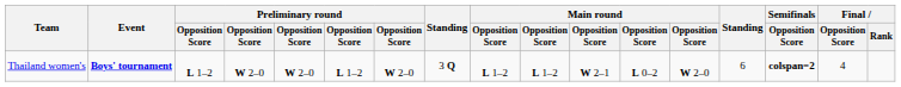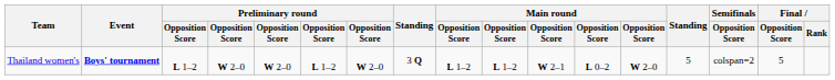 <table class=wikitable style=font-size:90%;text-align:center>
 <tr>
 <th rowspan=2>Team</th>
 <th rowspan=2>Event</th>
 <th colspan=5>Preliminary round</th>
 <th rowspan=2>Standing</th>
 <th colspan=5>Main round</th>
 <th rowspan=2>Standing</th>
 <th>Semifinals</th>
 <th colspan=2>Final / </th>
 </tr>
 <tr style="font-size:90%">
 <th>Opposition<br>Score</th>
 <th>Opposition<br>Score</th>
 <th>Opposition<br>Score</th>
 <th>Opposition<br>Score</th>
 <th>Opposition<br>Score</th>
 <th>Opposition<br>Score</th>
 <th>Opposition<br>Score</th>
 <th>Opposition<br>Score</th>
 <th>Opposition<br>Score</th>
 <th>Opposition<br>Score</th>
 <th>Opposition<br>Score</th>
 <th>Opposition<br>Score</th>
 <th>Rank</th>
 </tr>
 <tr align=center>
 <td align=left><a href='#'>Thailand women's</a></td>
 <td align=left><strong><a href='#'>Boys' tournament</a></strong></td>
 <td> <br> <strong>L</strong> 1–2</td>
 <td> <br> <strong>W</strong> 2–0</td>
 <td> <br> <strong>W</strong> 2–0</td>
 <td> <br> <strong>L</strong> 1–2</td>
 <td> <br> <strong>W</strong> 2–0</td>
 <td>3 <strong>Q</strong></td>
 <td> <br> <strong>L</strong> 1–2</td>
 <td> <br> <strong>L</strong> 1–2</td>
 <td> <br> <strong>W</strong> 2–1</td>
 <td> <br> <strong>L</strong> 0–2</td>
 <td> <br> <strong>W</strong> 2–0</td>
-<td>6</td>
-<td><strong>colspan=2 </strong></td>
-<td>4</td>
+<td>5</td>
+<td>colspan=2 </td>
+<td>5</td>
 </tr>
 </table>
